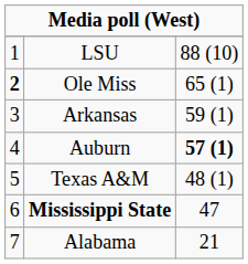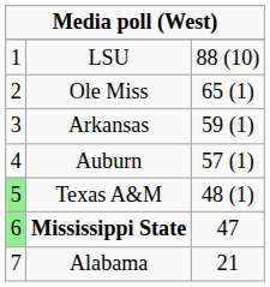 <table class="wikitable">
 <tr align="center">
 <td align="center" Colspan="3"><strong>Media poll (West)</strong></td>
 </tr>
 <tr align="center">
 </tr>
 <tr align="center">
 <td>1</td>
 <td>LSU</td>
 <td>88 (10)</td>
 </tr>
 <tr align="center">
-<td><strong>2</strong></td>
+<td>2</td>
 <td>Ole Miss</td>
 <td>65 (1)</td>
 </tr>
 <tr align="center">
 <td>3</td>
 <td>Arkansas</td>
 <td>59 (1)</td>
 </tr>
 <tr align="center">
 <td>4</td>
 <td>Auburn</td>
-<td><strong>57 (1)</strong></td>
+<td>57 (1)</td>
 </tr>
 <tr align="center">
-<td>5</td>
+<td style="background: lightgreen;">5</td>
 <td>Texas A&M</td>
 <td>48 (1)</td>
 </tr>
 <tr align="center">
-<td>6</td>
+<td style="background: lightgreen;">6</td>
 <td><strong>Mississippi State</strong></td>
 <td>47</td>
 </tr>
 <tr align="center">
 <td>7</td>
 <td>Alabama</td>
 <td>21</td>
 </tr>
 </table>
